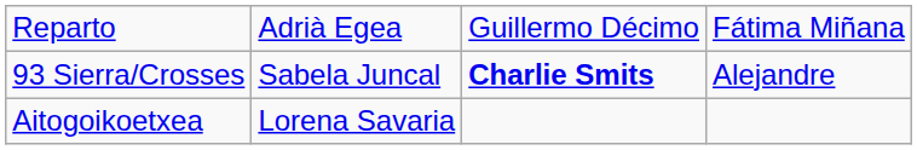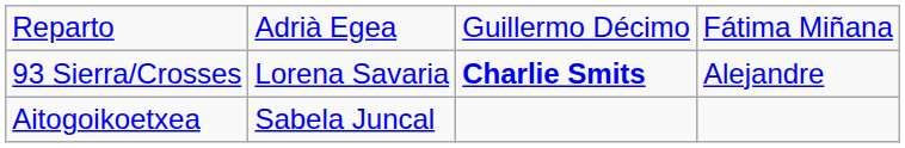 <table class="wikitable">
 <tr>
 <td><a href='#'>Reparto</a></td>
 <td><a href='#'>Adrià Egea</a></td>
 <td><a href='#'>Guillermo Décimo</a></td>
 <td><a href='#'>Fátima Miñana</a></td>
 </tr>
 <tr>
 <td><a href='#'>93 Sierra/Crosses</a></td>
-<td><a href='#'>Sabela Juncal</a></td>
+<td><a href='#'>Lorena Savaria</a></td>
 <td><strong><a href='#'>Charlie Smits</a></strong></td>
 <td><a href='#'>Alejandre</a></td>
 </tr>
 <tr>
 <td><a href='#'>Aitogoikoetxea</a></td>
-<td><a href='#'>Lorena Savaria</a></td>
+<td><a href='#'>Sabela Juncal</a></td>
 <td></td>
 <td></td>
 </tr>
 </table>
